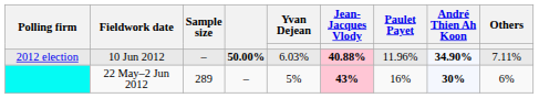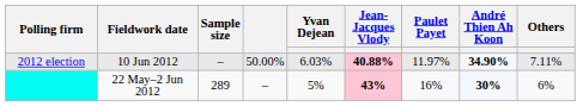 <table class="wikitable sortable" style="text-align:center;font-size:90%;line-height:14px;">
 <tr style="height:40px;">
 <th style="width:100px;" rowspan="2">Polling firm</th>
 <th style="width:110px;" rowspan="2">Fieldwork date</th>
 <th style="width:35px;" rowspan="2">Sample<br>size</th>
 <th style="width:30px;" rowspan="2"></th>
 <th class="unsortable" style="width:60px;">Yvan Dejean<br></th>
 <th class="unsortable" style="width:60px;"><a href='#'>Jean-Jacques Vlody</a><br></th>
 <th class="unsortable" style="width:60px;"><a href='#'>Paulet Payet</a><br></th>
 <th class="unsortable" style="width:60px;"><a href='#'>André Thien Ah Koon</a><br></th>
 <th class="unsortable" style="width:60px;">Others</th>
 </tr>
 <tr>
 <th style="background:"></th>
 <th style="background:"></th>
 <th style="background:"></th>
 <th style="background:"></th>
 <th style="background:"></th>
 </tr>
 <tr style="background:#E9E9E9;">
 <td><a href='#'>2012 election</a></td>
 <td data-sort-value="2012-06-10">10 Jun 2012</td>
 <td>–</td>
-<td><strong>50.00%</strong></td>
+<td>50.00%</td>
 <td>6.03%</td>
 <td style="background:#FFC6D5;"><strong>40.88%</strong></td>
-<td>11.96%</td>
+<td>11.97%</td>
 <td style="background:#F4F7FE;"><strong>34.90%</strong></td>
 <td>7.11%</td>
 </tr>
 <tr>
 <td style="background:#04FBF4;"></td>
 <td data-sort-value="2012-06-02">22 May–2 Jun 2012</td>
 <td>289</td>
 <td>–</td>
 <td>5%</td>
 <td style="background:#FFC6D5;"><strong>43%</strong></td>
 <td>16%</td>
 <td style="background:#F4F7FE;"><strong>30%</strong></td>
 <td>6%</td>
 </tr>
 </table>
